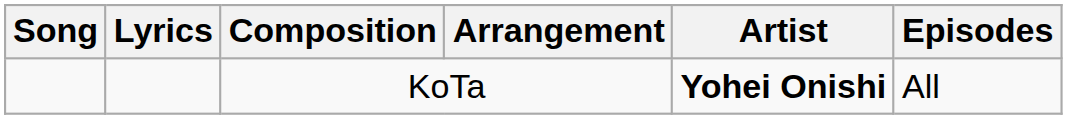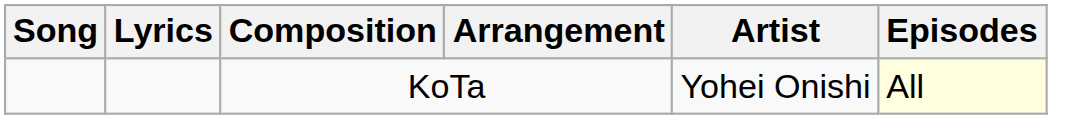 <table class="wikitable">
 <tr>
 <th>Song</th>
 <th>Lyrics</th>
 <th>Composition</th>
 <th>Arrangement</th>
 <th>Artist</th>
 <th>Episodes</th>
 </tr>
 <tr>
 <td></td>
 <td></td>
 <td colspan="2" align="center">KoTa</td>
-<td><strong>Yohei Onishi</strong></td>
-<td>All</td>
+<td>Yohei Onishi</td>
+<td style="background: lightyellow;">All</td>
 </tr>
 </table>
